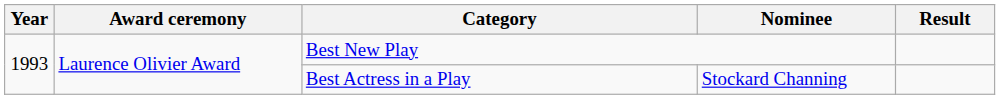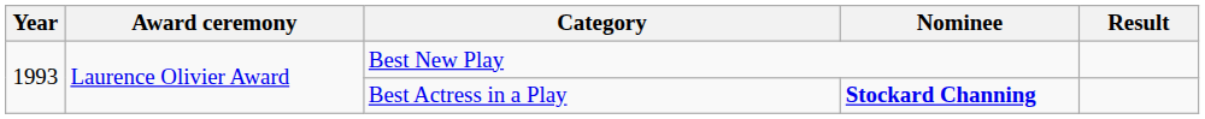 <table class="wikitable" style="width:95%;">
 <tr>
 <th style="width:5%;">Year</th>
 <th style="width:25%;">Award ceremony</th>
 <th style="width:40%;">Category</th>
 <th style="width:20%;">Nominee</th>
 <th style="width:10%;">Result</th>
 </tr>
 <tr>
 <td rowspan="2" style="text-align:center;">1993</td>
 <td rowspan="2"><a href='#'>Laurence Olivier Award</a></td>
 <td colspan="2"><a href='#'>Best New Play</a></td>
 <td></td>
 </tr>
 <tr>
 <td><a href='#'>Best Actress in a Play</a></td>
-<td><a href='#'>Stockard Channing</a></td>
+<td><strong><a href='#'>Stockard Channing</a></strong></td>
 <td></td>
 </tr>
 </table>
